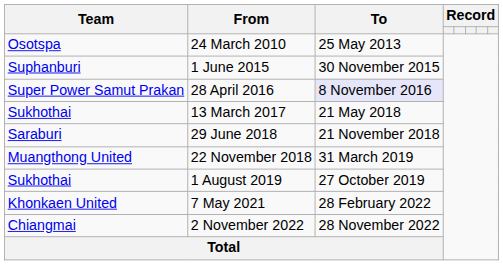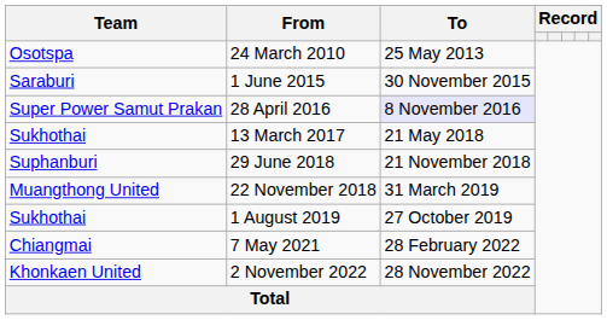 <table class="wikitable" style="text-align: center">
 <tr>
 <th rowspan=2>Team</th>
 <th rowspan=2>From</th>
 <th rowspan=2>To</th>
 <th colspan=5>Record</th>
 </tr>
 <tr>
 <th></th>
 <th></th>
 <th></th>
 <th></th>
 <th></th>
 </tr>
 <tr>
 <td align="left"><a href='#'>Osotspa</a></td>
 <td align="left">24 March 2010</td>
 <td align="left">25 May 2013<br></td>
 </tr>
 <tr>
-<td align="left"><a href='#'>Suphanburi</a></td>
+<td align="left"><a href='#'>Saraburi</a></td>
 <td align="left">1 June 2015</td>
 <td align="left">30 November 2015<br></td>
 </tr>
 <tr>
 <td align="left"><a href='#'>Super Power Samut Prakan</a></td>
 <td align="left">28 April 2016</td>
 <td align="left" style="background: lavender;">8 November 2016<br></td>
 </tr>
 <tr>
 <td align="left"><a href='#'>Sukhothai</a></td>
 <td align="left">13 March 2017</td>
 <td align="left">21 May 2018<br></td>
 </tr>
 <tr>
-<td align="left"><a href='#'>Saraburi</a></td>
+<td align="left"><a href='#'>Suphanburi</a></td>
 <td align="left">29 June 2018</td>
 <td align="left">21 November 2018<br></td>
 </tr>
 <tr>
 <td align="left"><a href='#'>Muangthong United</a></td>
 <td align="left">22 November 2018</td>
 <td align="left">31 March 2019<br></td>
 </tr>
 <tr>
 <td align="left"><a href='#'>Sukhothai</a></td>
 <td align="left">1 August 2019</td>
 <td align="left">27 October 2019<br></td>
 </tr>
 <tr>
-<td align="left"><a href='#'>Khonkaen United</a></td>
+<td align="left"><a href='#'>Chiangmai</a></td>
 <td align="left">7 May 2021</td>
 <td align="left">28 February 2022<br></td>
 </tr>
 <tr>
-<td align="left"><a href='#'>Chiangmai</a></td>
+<td align="left"><a href='#'>Khonkaen United</a></td>
 <td align="left">2 November 2022</td>
 <td align="left">28 November 2022<br></td>
 </tr>
 <tr>
 <th colspan=3>Total<br></th>
 </tr>
 </table>
